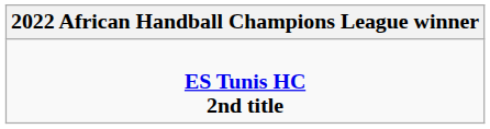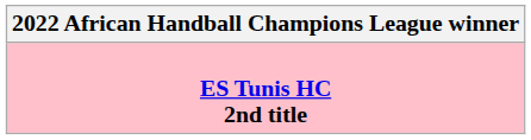 <table class=wikitable style="text-align:center; margin:auto">
 <tr>
 <th>2022 African Handball Champions League winner</th>
 </tr>
 <tr>
-<td><br><strong><a href='#'>ES Tunis HC</a></strong> <br><strong>2nd title</strong></td>
+<td style="background: pink;"><br><strong><a href='#'>ES Tunis HC</a></strong> <br><strong>2nd title</strong></td>
 </tr>
 </table>
